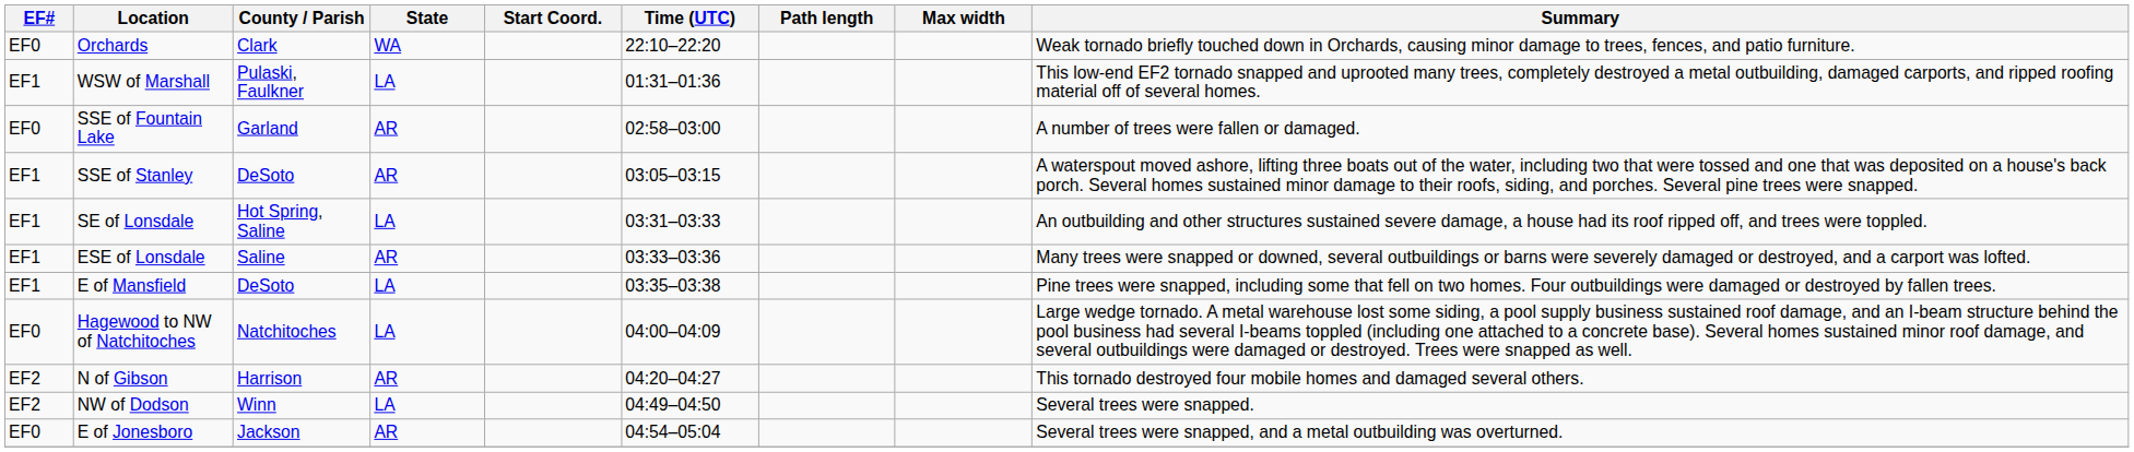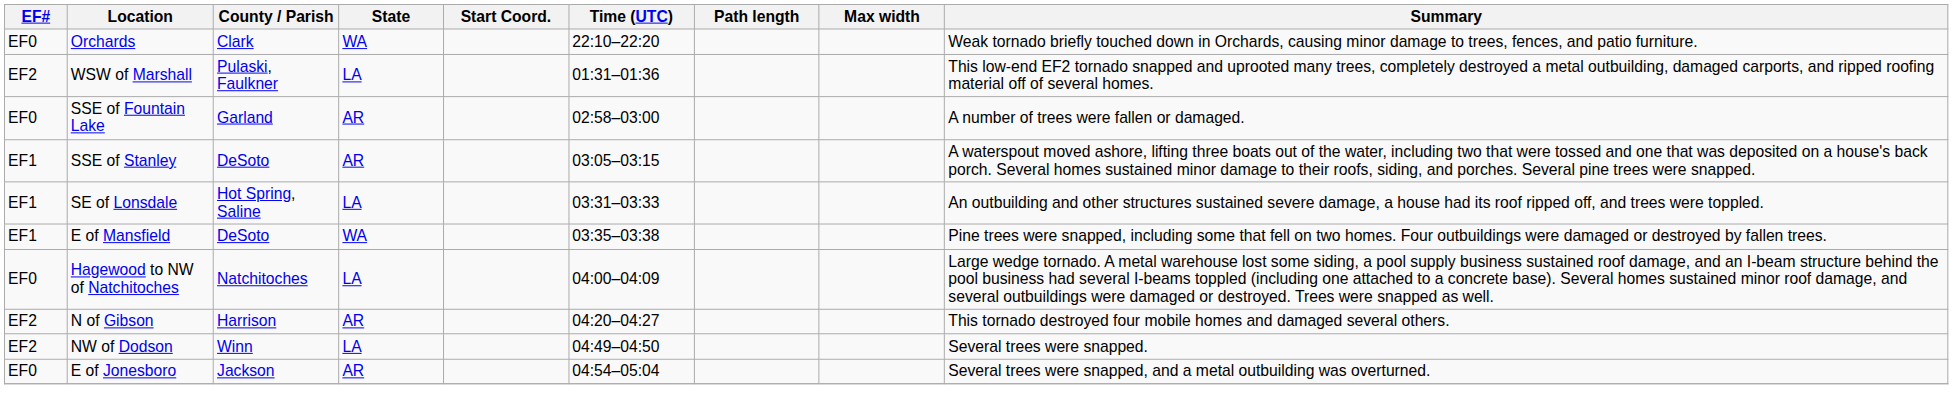 <table class="wikitable sortable" style="width:100%;">
 <tr>
 <th scope="col" style="width:3%; text-align:center;"><a href='#'>EF#</a></th>
 <th scope="col" style="width:7%; text-align:center;" class="unsortable">Location</th>
 <th scope="col" style="width:6%; text-align:center;" class="unsortable">County / Parish</th>
 <th scope="col" style="width:5%; text-align:center;">State</th>
 <th scope="col" style="width:6%; text-align:center;">Start Coord.</th>
 <th scope="col" style="width:6%; text-align:center;">Time (<a href='#'>UTC</a>)</th>
 <th scope="col" style="width:6%; text-align:center;">Path length</th>
 <th scope="col" style="width:6%; text-align:center;">Max width</th>
 <th scope="col" class="unsortable" style="width:48%; text-align:center;">Summary</th>
 </tr>
 <tr>
 <td>EF0</td>
 <td><a href='#'>Orchards</a></td>
 <td><a href='#'>Clark</a></td>
 <td><a href='#'>WA</a></td>
 <td></td>
 <td>22:10–22:20</td>
 <td></td>
 <td></td>
 <td>Weak tornado briefly touched down in Orchards, causing minor damage to trees, fences, and patio furniture.</td>
 </tr>
 <tr>
-<td>EF1</td>
+<td>EF2</td>
 <td>WSW of <a href='#'>Marshall</a></td>
 <td><a href='#'>Pulaski</a>, <a href='#'>Faulkner</a></td>
 <td><a href='#'>LA</a></td>
 <td></td>
 <td>01:31–01:36</td>
 <td></td>
 <td></td>
 <td>This low-end EF2 tornado snapped and uprooted many trees, completely destroyed a metal outbuilding, damaged carports, and ripped roofing material off of several homes.</td>
 </tr>
 <tr>
 <td>EF0</td>
 <td>SSE of <a href='#'>Fountain Lake</a></td>
 <td><a href='#'>Garland</a></td>
 <td><a href='#'>AR</a></td>
 <td></td>
 <td>02:58–03:00</td>
 <td></td>
 <td></td>
 <td>A number of trees were fallen or damaged.</td>
 </tr>
 <tr>
 <td>EF1</td>
 <td>SSE of <a href='#'>Stanley</a></td>
 <td><a href='#'>DeSoto</a></td>
 <td><a href='#'>AR</a></td>
 <td></td>
 <td>03:05–03:15</td>
 <td></td>
 <td></td>
 <td>A waterspout moved ashore, lifting three boats out of the water, including two that were tossed  and one that was deposited on a house's back porch. Several homes sustained minor damage to their roofs, siding, and porches. Several pine trees were snapped.</td>
 </tr>
 <tr>
 <td>EF1</td>
 <td>SE of <a href='#'>Lonsdale</a></td>
 <td><a href='#'>Hot Spring</a>, <a href='#'>Saline</a></td>
 <td><a href='#'>LA</a></td>
 <td></td>
 <td>03:31–03:33</td>
 <td></td>
 <td></td>
 <td>An outbuilding and other structures sustained severe damage, a house had its roof ripped off, and trees were toppled.</td>
 </tr>
 <tr>
 <td>EF1</td>
-<td>ESE of <a href='#'>Lonsdale</a></td>
-<td><a href='#'>Saline</a></td>
-<td><a href='#'>AR</a></td>
-<td></td>
-<td>03:33–03:36</td>
-<td></td>
-<td></td>
-<td>Many trees were snapped or downed, several outbuildings or barns were severely damaged or destroyed, and a carport was lofted.</td>
-</tr>
-<tr>
-<td>EF1</td>
 <td>E of <a href='#'>Mansfield</a></td>
 <td><a href='#'>DeSoto</a></td>
-<td><a href='#'>LA</a></td>
+<td><a href='#'>WA</a></td>
 <td></td>
 <td>03:35–03:38</td>
 <td></td>
 <td></td>
 <td>Pine trees were snapped, including some that fell on two homes. Four outbuildings were damaged or destroyed by fallen trees.</td>
 </tr>
 <tr>
 <td>EF0</td>
 <td><a href='#'>Hagewood</a> to NW of <a href='#'>Natchitoches</a></td>
 <td><a href='#'>Natchitoches</a></td>
 <td><a href='#'>LA</a></td>
 <td></td>
 <td>04:00–04:09</td>
 <td></td>
 <td></td>
 <td>Large wedge tornado. A metal warehouse lost some siding, a pool supply business sustained roof damage, and an I-beam structure behind the pool business had several I-beams toppled (including one attached to a concrete base). Several homes sustained minor roof damage, and several outbuildings were damaged or destroyed. Trees were snapped as well.</td>
 </tr>
 <tr>
 <td>EF2</td>
 <td>N of <a href='#'>Gibson</a></td>
 <td><a href='#'>Harrison</a></td>
 <td><a href='#'>AR</a></td>
 <td></td>
 <td>04:20–04:27</td>
 <td></td>
 <td></td>
 <td>This tornado destroyed four mobile homes and damaged several others.</td>
 </tr>
 <tr>
 <td>EF2</td>
 <td>NW of <a href='#'>Dodson</a></td>
 <td><a href='#'>Winn</a></td>
 <td><a href='#'>LA</a></td>
 <td></td>
 <td>04:49–04:50</td>
 <td></td>
 <td></td>
 <td>Several trees were snapped.</td>
 </tr>
 <tr>
 <td>EF0</td>
 <td>E of <a href='#'>Jonesboro</a></td>
 <td><a href='#'>Jackson</a></td>
 <td><a href='#'>AR</a></td>
 <td></td>
 <td>04:54–05:04</td>
 <td></td>
 <td></td>
 <td>Several trees were snapped, and a metal outbuilding was overturned.</td>
 </tr>
 <tr>
 </tr>
 </table>
